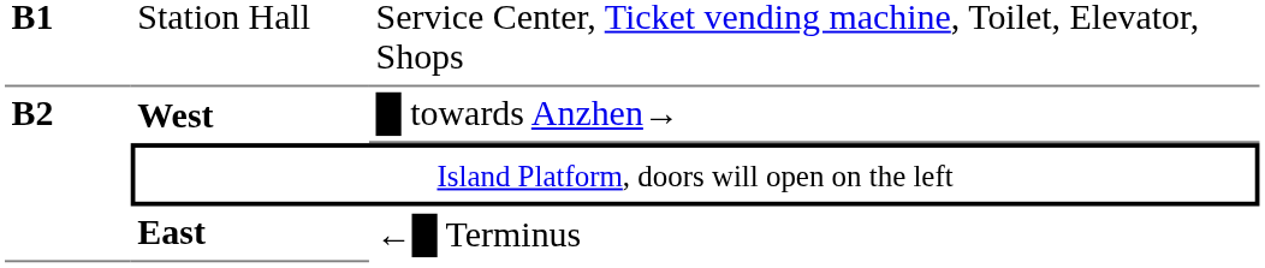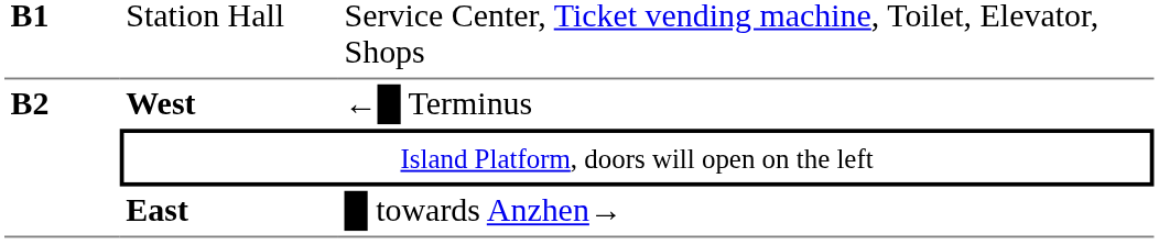 <table table border=0 cellspacing=0 cellpadding=3>
 <tr>
 <td style="border-bottom:solid 1px gray;border-top:solid 0px gray;" width=50 valign=top><strong>B1</strong></td>
 <td style="border-top:solid 0px gray;border-bottom:solid 1px gray;" width=100 valign=top>Station Hall</td>
 <td style="border-top:solid 0px gray;border-bottom:solid 1px gray;" width=390 valign=top>Service Center, <a href='#'>Ticket vending machine</a>, Toilet, Elevator, Shops</td>
 </tr>
 <tr>
 <td style="border-top:solid 0px gray;border-bottom:solid 1px gray;" width=50 rowspan=3 valign=top><strong>B2</strong></td>
 <td style="border-top:solid 0px gray;" width=100><strong>West</strong></td>
-<td style="border-bottom:solid 1px gray;"><span>█</span> towards <a href='#'>Anzhen</a>→</td>
+<td style="border-top:solid 0px gray;" width=390>←<span>█</span> Terminus</td>
 </tr>
 <tr>
 <td style="border-top:solid 2px black;border-right:solid 2px black;border-left:solid 2px black;border-bottom:solid 2px black;text-align:center;" colspan=2><small><a href='#'>Island Platform</a>, doors will open on the left</small></td>
 </tr>
 <tr>
 <td style="border-bottom:solid 1px gray;"><strong>East</strong></td>
-<td style="border-top:solid 0px gray;" width=390>←<span>█</span> Terminus</td>
+<td style="border-bottom:solid 1px gray;"><span>█</span> towards <a href='#'>Anzhen</a>→</td>
 </tr>
 </table>
